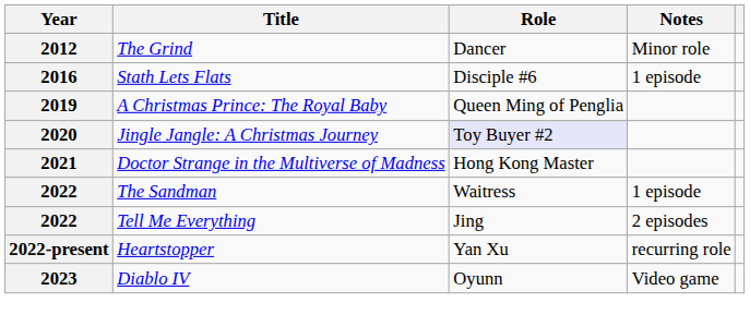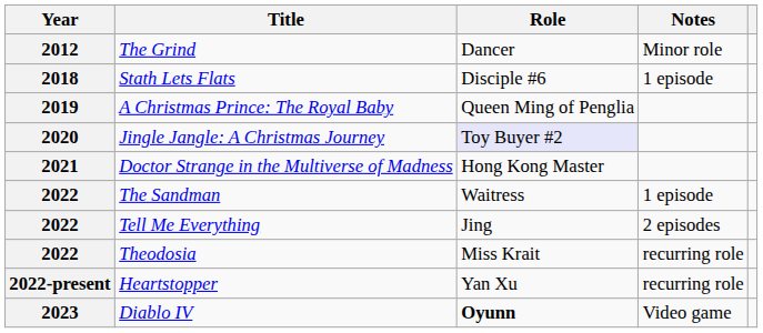 <table class="wikitable plainrowheaders sortable">
 <tr>
 <th scope="col">Year</th>
 <th scope="col">Title</th>
 <th scope="col" class="unsortable">Role</th>
 <th scope="col" class="unsortable">Notes</th>
 <th scope="col" class="unsortable"></th>
 </tr>
 <tr>
 <th scope="row">2012</th>
 <td><em><a href='#'>The Grind</a></em></td>
 <td>Dancer</td>
 <td>Minor role</td>
 <td style="text-align:center"></td>
 </tr>
 <tr>
-<th scope="row">2016</th>
+<th scope="row">2018</th>
 <td><em><a href='#'>Stath Lets Flats</a></em></td>
 <td>Disciple #6</td>
 <td>1 episode</td>
 <td style="text-align:center"></td>
 </tr>
 <tr>
 <th scope="row">2019</th>
 <td><em><a href='#'>A Christmas Prince: The Royal Baby</a></em></td>
 <td>Queen Ming of Penglia</td>
 <td></td>
 <td style="text-align:center"></td>
 </tr>
 <tr>
 <th scope="row">2020</th>
 <td><em><a href='#'>Jingle Jangle: A Christmas Journey</a></em></td>
 <td style="background: lavender;">Toy Buyer #2</td>
 <td></td>
 <td style="text-align:center"></td>
 </tr>
 <tr>
 <th scope="row">2021</th>
 <td><em><a href='#'>Doctor Strange in the Multiverse of Madness</a></em></td>
 <td>Hong Kong Master</td>
 <td></td>
 <td style="text-align:center"></td>
 </tr>
 <tr>
 <th scope="row">2022</th>
 <td><em><a href='#'>The Sandman</a></em></td>
 <td>Waitress</td>
 <td>1 episode</td>
 <td style="text=align:center"></td>
 </tr>
 <tr>
 <th scope="row">2022</th>
 <td><em><a href='#'>Tell Me Everything</a></em></td>
 <td>Jing</td>
 <td>2 episodes</td>
 <td style ="text-align:center"></td>
 </tr>
 <tr>
+<th scope="row">2022</th>
+<td><em><a href='#'>Theodosia</a></em></td>
+<td>Miss Krait</td>
+<td>recurring role</td>
+<td style = "text-align:center"></td>
+</tr>
+<tr>
 <th scope="row">2022-present</th>
 <td><em><a href='#'>Heartstopper</a></em></td>
 <td>Yan Xu</td>
 <td>recurring role</td>
 <td style = "text-align:center"></td>
 </tr>
 <tr>
 <th scope="row">2023</th>
 <td><em><a href='#'>Diablo IV</a></em></td>
-<td>Oyunn</td>
+<td><strong>Oyunn</strong></td>
 <td>Video game</td>
 <td style = "text-align:center"></td>
 </tr>
 </table>
